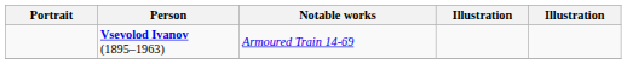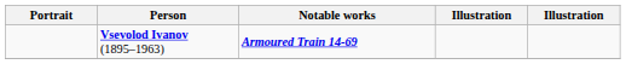 <table class="wikitable" style="width:90%;">
 <tr bgcolor="#cccccc">
 <th width=15%>Portrait</th>
 <th width=23%>Person</th>
 <th width=32%>Notable works</th>
 <th width=15%>Illustration</th>
 <th width=15%>Illustration</th>
 </tr>
 <tr>
 <td align=center></td>
 <td><strong><a href='#'>Vsevolod Ivanov</a></strong><br>(1895–1963)</td>
-<td><em><a href='#'>Armoured Train 14-69</a></em></td>
+<td><strong><em><a href='#'>Armoured Train 14-69</a></em></strong></td>
 <td align=center></td>
 <td align=center></td>
 </tr>
 <tr>
 </tr>
 </table>
